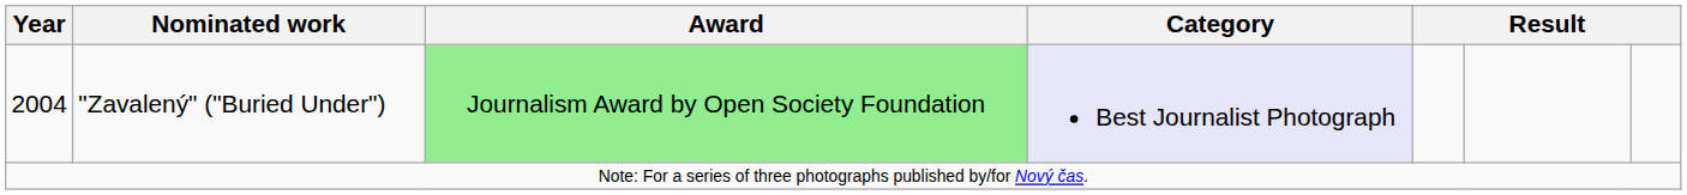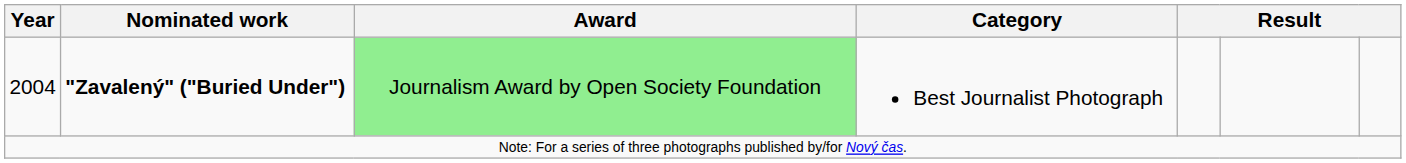 <table class="wikitable" style="text-align:left;">
 <tr>
 <th width=4%>Year</th>
 <th width=21%>Nominated work</th>
 <th width=36%>Award</th>
 <th width=23%>Category</th>
 <th width=16% colspan="3">Result</th>
 </tr>
 <tr>
 <td align="center">2004</td>
-<td>"Zavalený" ("Buried Under")</td>
+<td><strong>"Zavalený" ("Buried Under")</strong></td>
 <td align="center" style="background: lightgreen;">Journalism Award by Open Society Foundation</td>
-<td style="background: lavender;"><br><ul><li>Best Journalist Photograph</li></ul></td>
+<td><br><ul><li>Best Journalist Photograph</li></ul></td>
 <td width=3% align="center"></td>
 <td></td>
 <td width=3% align="center"></td>
 </tr>
 <tr>
 <td colspan="7" style="font-size: 8pt" align="center">Note: For a series of three photographs published by/for <em><a href='#'>Nový čas</a></em>.</td>
 </tr>
 </table>
